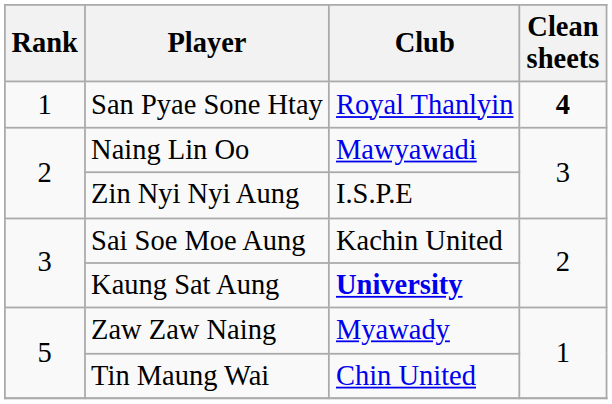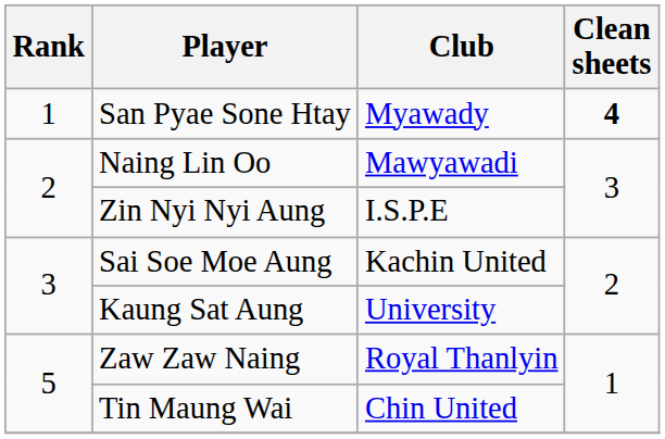 <table class="wikitable" style="text-align:center">
 <tr>
 <th>Rank</th>
 <th>Player</th>
 <th>Club</th>
 <th>Clean<br>sheets</th>
 </tr>
 <tr>
 <td>1</td>
 <td align="left">  San Pyae Sone Htay</td>
-<td align="left"><a href='#'>Royal Thanlyin</a></td>
+<td align="left"><a href='#'>Myawady</a></td>
 <td><strong>4</strong></td>
 </tr>
 <tr>
 <td rowspan="2">2</td>
 <td align="left">  Naing Lin Oo</td>
 <td align="left"><a href='#'>Mawyawadi</a></td>
 <td rowspan="2">3</td>
 </tr>
 <tr>
 <td align="left">  Zin Nyi Nyi Aung</td>
 <td align="left">I.S.P.E</td>
 </tr>
 <tr>
 <td rowspan="2">3</td>
 <td align="left">  Sai Soe Moe Aung</td>
 <td align="left">Kachin United</td>
 <td rowspan="2">2</td>
 </tr>
 <tr>
 <td align="left">  Kaung Sat Aung</td>
-<td align="left"><strong><a href='#'>University</a></strong></td>
+<td align="left"><a href='#'>University</a></td>
 </tr>
 <tr>
 <td rowspan="2">5</td>
 <td align="left">  Zaw Zaw Naing</td>
-<td align="left"><a href='#'>Myawady</a></td>
+<td align="left"><a href='#'>Royal Thanlyin</a></td>
 <td rowspan="2">1</td>
 </tr>
 <tr>
 <td align="left">  Tin Maung Wai</td>
 <td align="left"><a href='#'>Chin United</a></td>
 </tr>
 <tr>
 </tr>
 </table>
